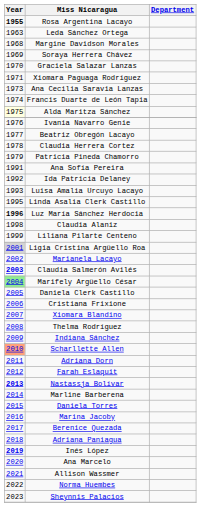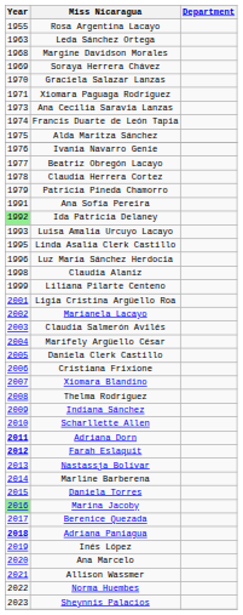 <table class="wikitable " style="font-size: 85%; text-align:center;">
 <tr>
 <th>Year</th>
 <th>Miss Nicaragua</th>
 <th><a href='#'>Department</a></th>
 </tr>
 <tr>
-<td><strong>1955</strong></td>
+<td>1955</td>
 <td>Rosa Argentina Lacayo</td>
 <td></td>
 </tr>
 <tr>
 <td>1963</td>
 <td>Leda Sánchez Ortega</td>
 <td></td>
 </tr>
 <tr>
 <td>1968</td>
 <td>Margine Davidson Morales</td>
 <td></td>
 </tr>
 <tr>
 <td>1969</td>
 <td>Soraya Herrera Chávez</td>
 <td></td>
 </tr>
 <tr>
 <td>1970</td>
 <td>Graciela Salazar Lanzas</td>
 <td></td>
 </tr>
 <tr>
 <td>1971</td>
 <td>Xiomara Paguaga Rodríguez</td>
 <td></td>
 </tr>
 <tr>
 <td>1973</td>
 <td>Ana Cecilia Saravia Lanzas</td>
 <td></td>
 </tr>
 <tr>
 <td>1974</td>
 <td>Francis Duarte de León Tapia</td>
 <td></td>
 </tr>
 <tr>
-<td style="background: lightyellow;">1975</td>
+<td>1975</td>
 <td>Alda Maritza Sánchez</td>
 <td></td>
 </tr>
 <tr>
 </tr>
 <tr>
 <td>1976</td>
 <td>Ivania Navarro Genie</td>
 <td></td>
 </tr>
 <tr>
 <td>1977</td>
 <td>Beatriz Obregón Lacayo</td>
 <td></td>
 </tr>
 <tr>
 <td>1978</td>
 <td>Claudia Herrera Cortez</td>
 <td></td>
 </tr>
 <tr>
 <td>1979</td>
 <td>Patricia Pineda Chamorro</td>
 <td></td>
 </tr>
 <tr>
 <td>1991</td>
 <td>Ana Sofía Pereira</td>
 <td></td>
 </tr>
 <tr>
-<td>1992</td>
+<td style="background: lightgreen;">1992</td>
 <td>Ida Patricia Delaney</td>
 <td></td>
 </tr>
 <tr>
 <td>1993</td>
 <td>Luisa Amalia Urcuyo Lacayo</td>
 <td></td>
 </tr>
 <tr>
 <td>1995</td>
 <td>Linda Asalia Clerk Castillo</td>
 <td></td>
 </tr>
 <tr>
-<td><strong>1996</strong></td>
+<td>1996</td>
 <td>Luz María Sánchez Herdocia</td>
 <td></td>
 </tr>
 <tr>
 <td>1998</td>
 <td>Claudia Alaniz</td>
 <td></td>
 </tr>
 <tr>
 <td>1999</td>
 <td>Liliana Pilarte Centeno</td>
 <td></td>
 </tr>
 <tr>
-<td style="background: lightgrey;"><a href='#'>2001</a></td>
+<td><a href='#'>2001</a></td>
 <td>Ligia Cristina Argüello Roa</td>
 <td></td>
 </tr>
 <tr>
 <td><a href='#'>2002</a></td>
 <td><a href='#'>Marianela Lacayo</a></td>
 <td></td>
 </tr>
 <tr>
-<td><strong><a href='#'>2003</a></strong></td>
+<td><a href='#'>2003</a></td>
 <td>Claudia Salmerón Avilés</td>
 <td></td>
 </tr>
 <tr>
-<td style="background: lightgreen;"><a href='#'>2004</a></td>
+<td><a href='#'>2004</a></td>
 <td>Marifely Argüello César</td>
 <td></td>
 </tr>
 <tr>
 <td><a href='#'>2005</a></td>
 <td>Daniela Clerk Castillo</td>
 <td></td>
 </tr>
 <tr>
 <td><a href='#'>2006</a></td>
 <td>Cristiana Frixione</td>
 <td></td>
 </tr>
 <tr>
 <td><a href='#'>2007</a></td>
 <td><a href='#'>Xiomara Blandino</a></td>
 <td></td>
 </tr>
 <tr>
 <td><a href='#'>2008</a></td>
 <td>Thelma Rodríguez</td>
 <td></td>
 </tr>
 <tr>
 <td><a href='#'>2009</a></td>
 <td><a href='#'>Indiana Sánchez</a></td>
 <td></td>
 </tr>
 <tr>
-<td style="background: lightsalmon;"><a href='#'>2010</a></td>
+<td><a href='#'>2010</a></td>
 <td><a href='#'>Scharllette Allen</a></td>
 <td></td>
 </tr>
 <tr>
-<td><a href='#'>2011</a></td>
+<td><strong><a href='#'>2011</a></strong></td>
 <td><a href='#'>Adriana Dorn</a></td>
 <td></td>
 </tr>
 <tr>
-<td><a href='#'>2012</a></td>
+<td><strong><a href='#'>2012</a></strong></td>
 <td><a href='#'>Farah Eslaquit</a></td>
 <td></td>
 </tr>
 <tr>
-<td><strong><a href='#'>2013</a></strong></td>
+<td><a href='#'>2013</a></td>
 <td><a href='#'>Nastassja Bolívar</a></td>
 <td></td>
 </tr>
 <tr>
 <td><a href='#'>2014</a></td>
 <td>Marline Barberena</td>
 <td></td>
 </tr>
 <tr>
 <td><a href='#'>2015</a></td>
 <td><a href='#'>Daniela Torres</a></td>
 <td></td>
 </tr>
 <tr>
-<td><a href='#'>2016</a></td>
+<td style="background: lightgreen;"><a href='#'>2016</a></td>
 <td><a href='#'>Marina Jacoby</a></td>
 <td></td>
 </tr>
 <tr>
 <td><a href='#'>2017</a></td>
 <td><a href='#'>Berenice Quezada</a></td>
 <td></td>
 </tr>
 <tr>
-<td><a href='#'>2018</a></td>
+<td><strong><a href='#'>2018</a></strong></td>
 <td><a href='#'>Adriana Paniagua</a></td>
 <td></td>
 </tr>
 <tr>
-<td><strong><a href='#'>2019</a></strong></td>
+<td><a href='#'>2019</a></td>
 <td>Inés López</td>
 <td></td>
 </tr>
 <tr>
 <td><a href='#'>2020</a></td>
 <td>Ana Marcelo</td>
 <td></td>
 </tr>
 <tr>
 <td><a href='#'>2021</a></td>
 <td>Allison Wassmer</td>
 <td></td>
 </tr>
 <tr>
 <td>2022</td>
 <td><a href='#'>Norma Huembes</a></td>
 <td></td>
 </tr>
 <tr>
 <td>2023</td>
 <td><a href='#'>Sheynnis Palacios</a></td>
 <td></td>
 </tr>
 <tr>
 </tr>
 </table>
